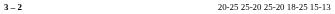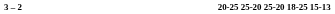 <table width=100% cellspacing=1>
 <tr>
 <th width=20%></th>
 <th width=12%></th>
 <th width=20%></th>
 <th width=33%></th>
 <td></td>
 </tr>
 <tr style=font-size:90%>
 <td align=right><strong></strong></td>
 <td align=center><strong>3 – 2</strong></td>
 <td></td>
-<td>20-25 25-20 25-20 18-25 15-13</td>
+<td><strong>20-25 25-20 25-20 18-25 15-13</strong></td>
 </tr>
 </table>
